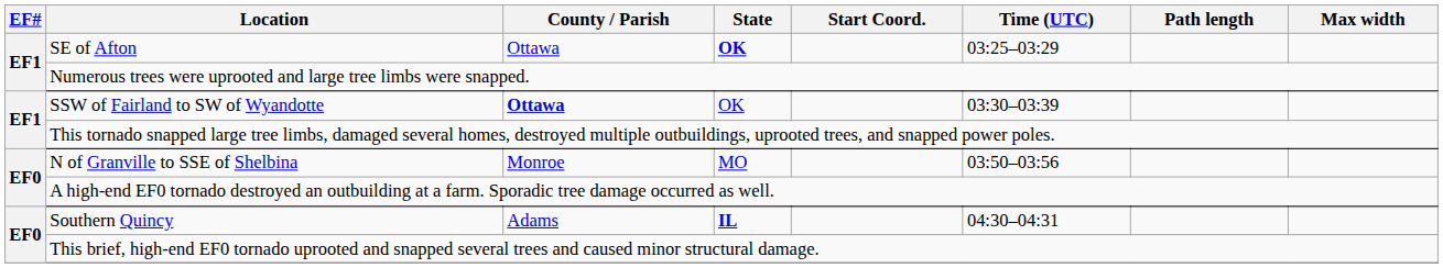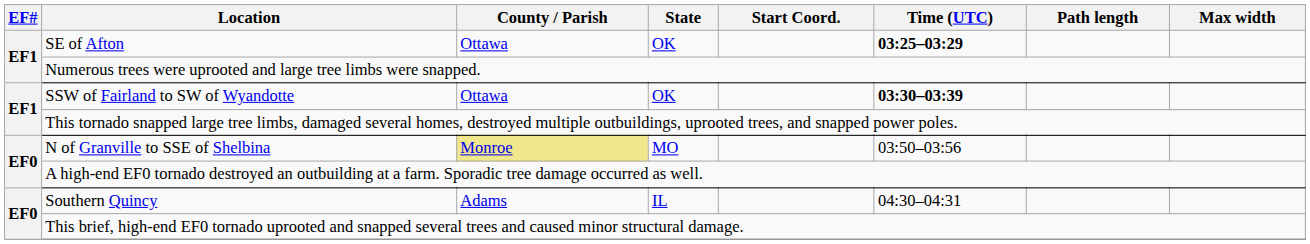 <table class="wikitable sortable" style="width:100%;">
 <tr>
 <th scope="col" width="2%" align="center"><a href='#'>EF#</a></th>
 <th scope="col" align="center" class="unsortable">Location</th>
 <th scope="col" align="center" class="unsortable">County / Parish</th>
 <th scope="col" align="center">State</th>
 <th scope="col" align="center">Start Coord.</th>
 <th scope="col" align="center">Time (<a href='#'>UTC</a>)</th>
 <th scope="col" align="center">Path length</th>
 <th scope="col" align="center">Max width</th>
 </tr>
 <tr>
 <th scope="row" rowspan="2" style="background-color:#">EF1</th>
 <td>SE of <a href='#'>Afton</a></td>
 <td><a href='#'>Ottawa</a></td>
-<td><strong><a href='#'>OK</a></strong></td>
+<td><a href='#'>OK</a></td>
 <td></td>
-<td>03:25–03:29</td>
+<td><strong>03:25–03:29</strong></td>
 <td></td>
 <td></td>
 </tr>
 <tr class="expand-child">
 <td colspan="8" style=" border-bottom: 1px solid black;">Numerous trees were uprooted and large tree limbs were snapped.</td>
 </tr>
 <tr>
 <th scope="row" rowspan="2" style="background-color:#">EF1</th>
 <td>SSW of <a href='#'>Fairland</a> to SW of <a href='#'>Wyandotte</a></td>
-<td><strong><a href='#'>Ottawa</a></strong></td>
+<td><a href='#'>Ottawa</a></td>
 <td><a href='#'>OK</a></td>
 <td></td>
-<td>03:30–03:39</td>
+<td><strong>03:30–03:39</strong></td>
 <td></td>
 <td></td>
 </tr>
 <tr class="expand-child">
 <td colspan="8" style=" border-bottom: 1px solid black;">This tornado snapped large tree limbs, damaged several homes, destroyed multiple outbuildings, uprooted trees, and snapped power poles.</td>
 </tr>
 <tr>
 <th scope="row" rowspan="2" style="background-color:#">EF0</th>
 <td>N of <a href='#'>Granville</a> to SSE of <a href='#'>Shelbina</a></td>
-<td><a href='#'>Monroe</a></td>
+<td style="background: khaki;"><a href='#'>Monroe</a></td>
 <td><a href='#'>MO</a></td>
 <td></td>
 <td>03:50–03:56</td>
 <td></td>
 <td></td>
 </tr>
 <tr class="expand-child">
 <td colspan="8" style=" border-bottom: 1px solid black;">A high-end EF0 tornado destroyed an outbuilding at a farm. Sporadic tree damage occurred as well.</td>
 </tr>
 <tr>
 <th scope="row" rowspan="2" style="background-color:#">EF0</th>
 <td>Southern <a href='#'>Quincy</a></td>
 <td><a href='#'>Adams</a></td>
-<td><strong><a href='#'>IL</a></strong></td>
+<td><a href='#'>IL</a></td>
 <td></td>
 <td>04:30–04:31</td>
 <td></td>
 <td></td>
 </tr>
 <tr class="expand-child">
 <td colspan="8" style=" border-bottom: 1px solid black;">This brief, high-end EF0 tornado uprooted and snapped several trees and caused minor structural damage.</td>
 </tr>
 <tr>
 </tr>
 </table>
